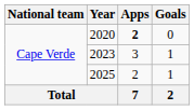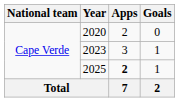 <table class=wikitable style=text-align:center>
 <tr>
 <th>National team</th>
 <th>Year</th>
 <th>Apps</th>
 <th>Goals</th>
 </tr>
 <tr>
 <td rowspan=3><a href='#'>Cape Verde</a></td>
 <td>2020</td>
-<td><strong>2</strong></td>
+<td>2</td>
 <td>0</td>
 </tr>
 <tr>
 <td>2023</td>
 <td>3</td>
 <td>1</td>
 </tr>
 <tr>
 <td>2025</td>
-<td>2</td>
+<td><strong>2</strong></td>
 <td>1</td>
 </tr>
 <tr>
 <th colspan=2>Total</th>
 <th>7</th>
 <th>2</th>
 </tr>
 </table>
